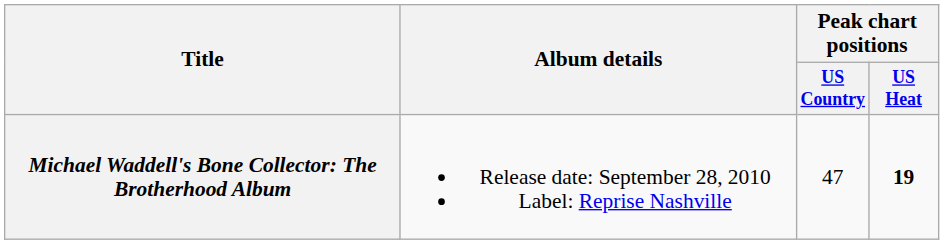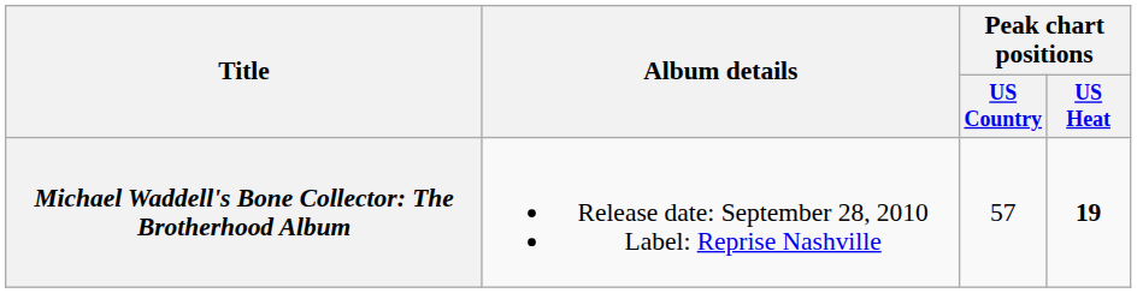 <table class="wikitable plainrowheaders" style="text-align:center;">
 <tr>
 <th rowspan="2" style="width:18em;">Title</th>
 <th rowspan="2" style="width:18em;">Album details</th>
 <th colspan="2">Peak chart<br> positions</th>
 </tr>
 <tr style="font-size:smaller;">
 <th width="45"><a href='#'>US Country</a></th>
 <th width="45"><a href='#'>US<br> Heat</a></th>
 </tr>
 <tr>
 <th scope="row"><em>Michael Waddell's Bone Collector: The Brotherhood Album</em><br></th>
 <td><br><ul><li>Release date: September 28, 2010</li><li>Label: <a href='#'>Reprise Nashville</a></li></ul></td>
-<td>47</td>
+<td>57</td>
 <td><strong>19</strong></td>
 </tr>
 </table>
